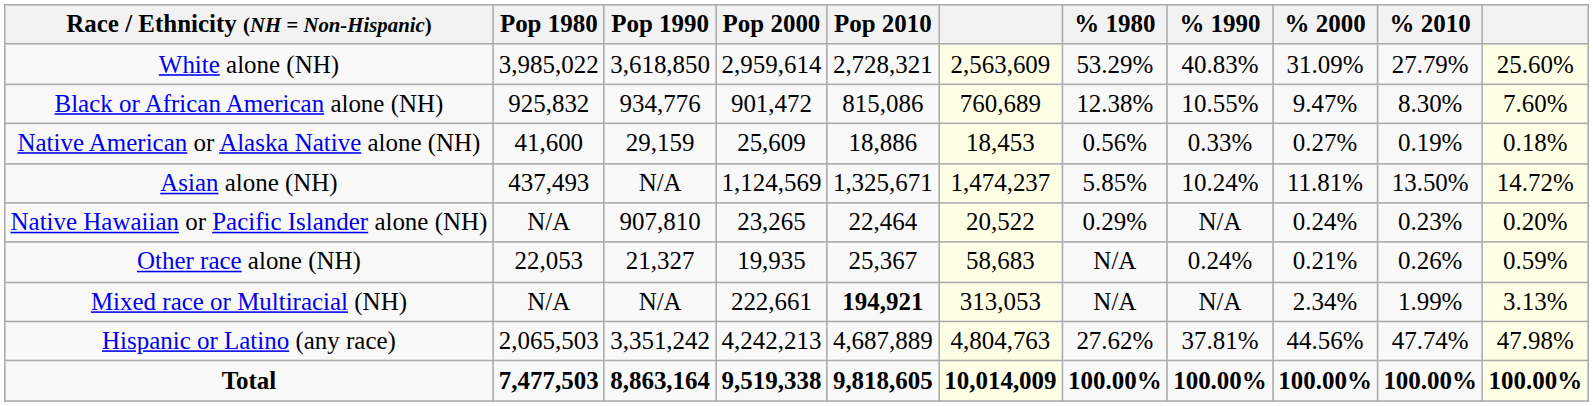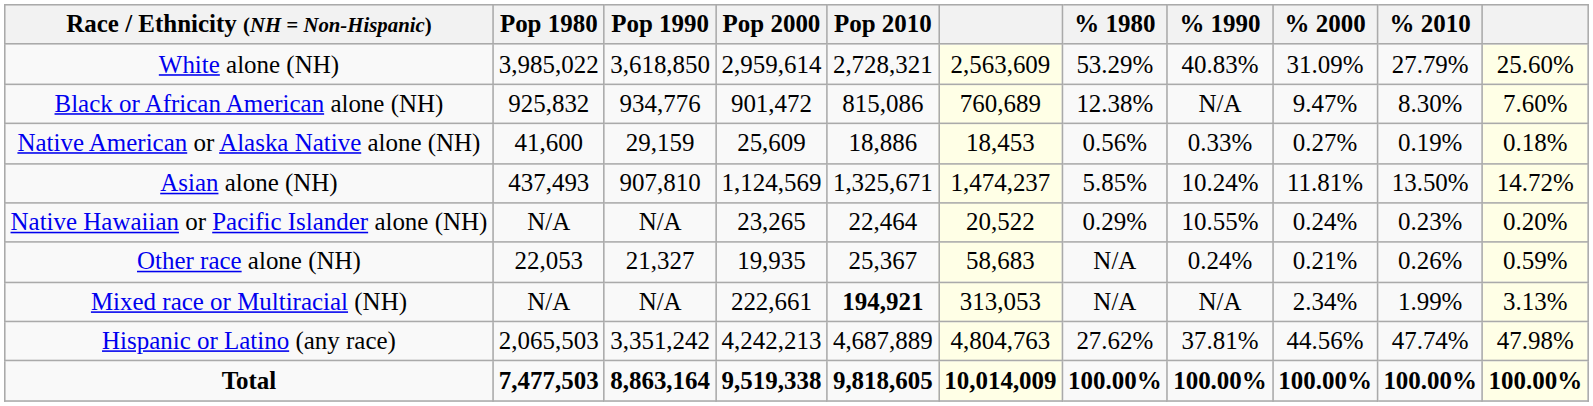 <table class="wikitable" style="text-align:center;">
 <tr>
 <th>Race / Ethnicity <small>(<em>NH = Non-Hispanic</em>)</small></th>
 <th>Pop 1980</th>
 <th>Pop 1990</th>
 <th>Pop 2000</th>
 <th>Pop 2010</th>
 <th></th>
 <th>% 1980</th>
 <th>% 1990</th>
 <th>% 2000</th>
 <th>% 2010</th>
 <th></th>
 </tr>
 <tr>
 <td><a href='#'>White</a> alone (NH)</td>
 <td>3,985,022</td>
 <td>3,618,850</td>
 <td>2,959,614</td>
 <td>2,728,321</td>
 <td style='background: #ffffe6;'>2,563,609</td>
 <td>53.29%</td>
 <td>40.83%</td>
 <td>31.09%</td>
 <td>27.79%</td>
 <td style='background: #ffffe6;'>25.60%</td>
 </tr>
 <tr>
 <td><a href='#'>Black or African American</a> alone (NH)</td>
 <td>925,832</td>
 <td>934,776</td>
 <td>901,472</td>
 <td>815,086</td>
 <td style='background: #ffffe6;'>760,689</td>
 <td>12.38%</td>
-<td>10.55%</td>
+<td>N/A</td>
 <td>9.47%</td>
 <td>8.30%</td>
 <td style='background: #ffffe6;'>7.60%</td>
 </tr>
 <tr>
 <td><a href='#'>Native American</a> or <a href='#'>Alaska Native</a> alone (NH)</td>
 <td>41,600</td>
 <td>29,159</td>
 <td>25,609</td>
 <td>18,886</td>
 <td style='background: #ffffe6;'>18,453</td>
 <td>0.56%</td>
 <td>0.33%</td>
 <td>0.27%</td>
 <td>0.19%</td>
 <td style='background: #ffffe6;'>0.18%</td>
 </tr>
 <tr>
 <td><a href='#'>Asian</a> alone (NH)</td>
 <td>437,493</td>
-<td>N/A</td>
+<td>907,810</td>
 <td>1,124,569</td>
 <td>1,325,671</td>
 <td style='background: #ffffe6;'>1,474,237</td>
 <td>5.85%</td>
 <td>10.24%</td>
 <td>11.81%</td>
 <td>13.50%</td>
 <td style='background: #ffffe6;'>14.72%</td>
 </tr>
 <tr>
 <td><a href='#'>Native Hawaiian</a> or <a href='#'>Pacific Islander</a> alone (NH)</td>
 <td>N/A</td>
-<td>907,810</td>
+<td>N/A</td>
 <td>23,265</td>
 <td>22,464</td>
 <td style='background: #ffffe6;'>20,522</td>
 <td>0.29%</td>
-<td>N/A</td>
+<td>10.55%</td>
 <td>0.24%</td>
 <td>0.23%</td>
 <td style='background: #ffffe6;'>0.20%</td>
 </tr>
 <tr>
 <td><a href='#'>Other race</a> alone (NH)</td>
 <td>22,053</td>
 <td>21,327</td>
 <td>19,935</td>
 <td>25,367</td>
 <td style='background: #ffffe6;'>58,683</td>
 <td>N/A</td>
 <td>0.24%</td>
 <td>0.21%</td>
 <td>0.26%</td>
 <td style='background: #ffffe6;'>0.59%</td>
 </tr>
 <tr>
 <td><a href='#'>Mixed race or Multiracial</a> (NH)</td>
 <td>N/A</td>
 <td>N/A</td>
 <td>222,661</td>
 <td><strong>194,921</strong></td>
 <td style='background: #ffffe6;'>313,053</td>
 <td>N/A</td>
 <td>N/A</td>
 <td>2.34%</td>
 <td>1.99%</td>
 <td style='background: #ffffe6;'>3.13%</td>
 </tr>
 <tr>
 <td><a href='#'>Hispanic or Latino</a> (any race)</td>
 <td>2,065,503</td>
 <td>3,351,242</td>
 <td>4,242,213</td>
 <td>4,687,889</td>
 <td style='background: #ffffe6;'>4,804,763</td>
 <td>27.62%</td>
 <td>37.81%</td>
 <td>44.56%</td>
 <td>47.74%</td>
 <td style='background: #ffffe6;'>47.98%</td>
 </tr>
 <tr>
 <td><strong>Total</strong></td>
 <td><strong>7,477,503</strong></td>
 <td><strong>8,863,164</strong></td>
 <td><strong>9,519,338</strong></td>
 <td><strong>9,818,605</strong></td>
 <td style='background: #ffffe6;'><strong>10,014,009</strong></td>
 <td><strong>100.00%</strong></td>
 <td><strong>100.00%</strong></td>
 <td><strong>100.00%</strong></td>
 <td><strong>100.00%</strong></td>
 <td style='background: #ffffe6;'><strong>100.00%</strong></td>
 </tr>
 </table>
